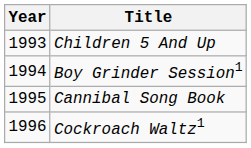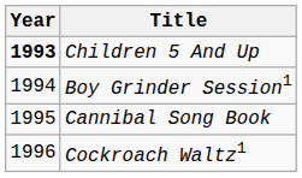 <table class="wikitable">
 <tr>
 <th>Year</th>
 <th>Title</th>
 </tr>
 <tr>
-<td>1993</td>
+<td><strong>1993</strong></td>
 <td><em>Children 5 And Up</em></td>
 </tr>
 <tr>
 <td>1994</td>
 <td><em>Boy Grinder Session</em><sup>1</sup></td>
 </tr>
 <tr>
 <td>1995</td>
 <td><em>Cannibal Song Book</em></td>
 </tr>
 <tr>
 <td>1996</td>
 <td><em>Cockroach Waltz</em><sup>1</sup></td>
 </tr>
 </table>
